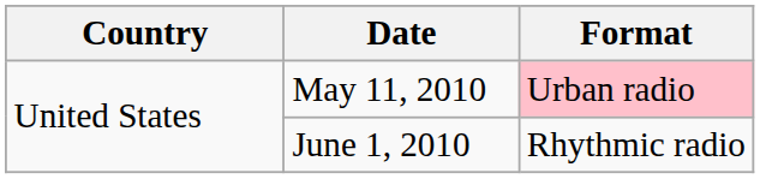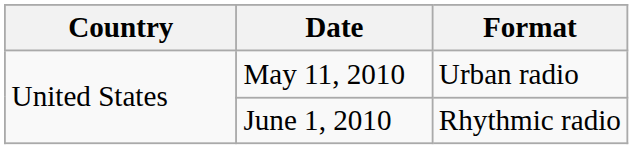 <table class="wikitable">
 <tr>
 <th width="120">Country</th>
 <th width="100">Date</th>
 <th>Format</th>
 </tr>
 <tr>
 <td rowspan="2">United States</td>
 <td>May 11, 2010</td>
-<td style="background: pink;">Urban radio</td>
+<td>Urban radio</td>
 </tr>
 <tr>
 <td>June 1, 2010</td>
 <td>Rhythmic radio</td>
 </tr>
 </table>
